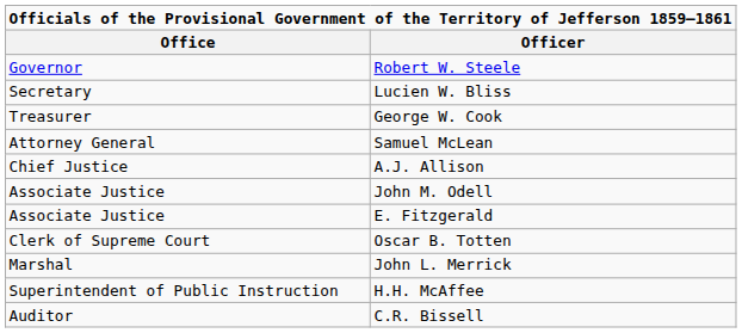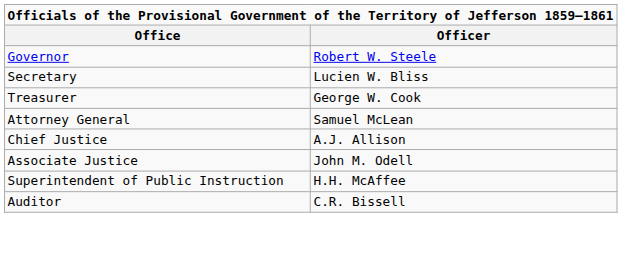 <table class="wikitable sortable" style="text-align:left;">
 <tr>
 <td colspan=2 style="text-align:center;"><strong>Officials of the Provisional Government of the Territory of Jefferson 1859–1861</strong></td>
 </tr>
 <tr>
 <th class="unsortable" style="text-align:center;width:50%">Office</th>
 <th class="unsortable" style="text-align:center;width:50%">Officer<br>  </th>
 </tr>
 <tr>
 <td><a href='#'>Governor</a></td>
 <td><a href='#'>Robert W. Steele</a></td>
 </tr>
 <tr>
 <td>Secretary</td>
 <td>Lucien W. Bliss</td>
 </tr>
 <tr>
 <td>Treasurer</td>
 <td>George W. Cook</td>
 </tr>
 <tr>
 <td>Attorney General</td>
 <td>Samuel McLean</td>
 </tr>
 <tr>
 <td>Chief Justice</td>
 <td>A.J. Allison</td>
 </tr>
 <tr>
 <td>Associate Justice</td>
 <td>John M. Odell</td>
 </tr>
 <tr>
-<td>Associate Justice</td>
-<td>E. Fitzgerald</td>
-</tr>
-<tr>
-<td>Clerk of Supreme Court</td>
-<td>Oscar B. Totten</td>
-</tr>
-<tr>
-<td>Marshal</td>
-<td>John L. Merrick</td>
-</tr>
-<tr>
 <td>Superintendent of Public Instruction</td>
 <td>H.H. McAffee</td>
 </tr>
 <tr>
 <td>Auditor</td>
 <td>C.R. Bissell</td>
 </tr>
 </table>
